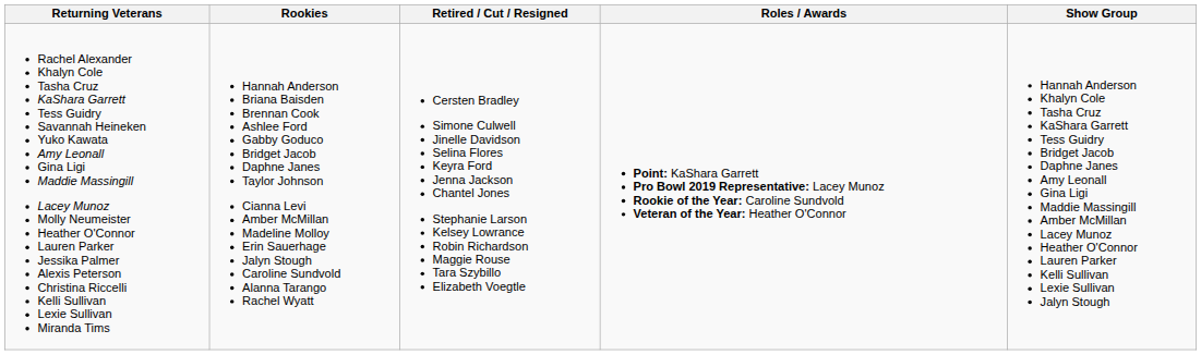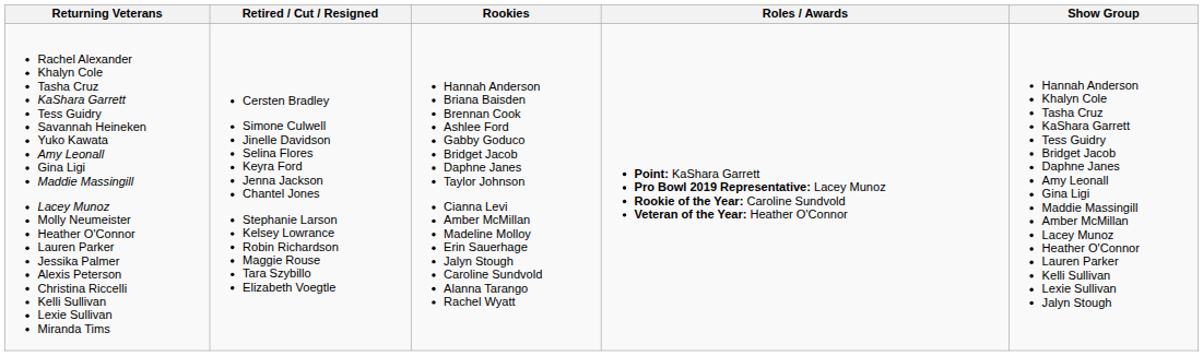 <table class="wikitable" style="width:100%;">
 <tr>
 <th>Returning Veterans</th>
+<th>Retired / Cut / Resigned</th>
 <th>Rookies</th>
-<th>Retired / Cut / Resigned</th>
 <th>Roles / Awards</th>
 <th>Show Group</th>
 </tr>
 <tr>
 <td><br><ul><li>Rachel Alexander</li><li>Khalyn Cole</li><li>Tasha Cruz</li><li><em>KaShara Garrett</em></li><li>Tess Guidry</li><li>Savannah Heineken</li><li>Yuko Kawata</li><li><em>Amy Leonall</em></li><li>Gina Ligi</li><li><em>Maddie Massingill</em></li></ul><ul><li><em>Lacey Munoz</em></li><li>Molly Neumeister</li><li>Heather O'Connor</li><li>Lauren Parker</li><li>Jessika Palmer</li><li>Alexis Peterson</li><li>Christina Riccelli</li><li>Kelli Sullivan</li><li>Lexie Sullivan</li><li>Miranda Tims</li></ul></td>
+<td><br><ul><li>Cersten Bradley </li></ul><ul><li>Simone Culwell </li><li>Jinelle Davidson </li><li>Selina Flores </li><li>Keyra Ford </li><li>Jenna Jackson </li><li>Chantel Jones </li></ul><ul><li>Stephanie Larson </li><li>Kelsey Lowrance </li><li>Robin Richardson </li><li>Maggie Rouse </li><li>Tara Szybillo </li><li>Elizabeth Voegtle </li></ul></td>
 <td><br><ul><li>Hannah Anderson</li><li>Briana Baisden</li><li>Brennan Cook</li><li>Ashlee Ford</li><li>Gabby Goduco</li><li>Bridget Jacob</li><li>Daphne Janes</li><li>Taylor Johnson</li></ul><ul><li>Cianna Levi</li><li>Amber McMillan</li><li>Madeline Molloy</li><li>Erin Sauerhage</li><li>Jalyn Stough</li><li>Caroline Sundvold</li><li>Alanna Tarango</li><li>Rachel Wyatt</li></ul></td>
-<td><br><ul><li>Cersten Bradley </li></ul><ul><li>Simone Culwell </li><li>Jinelle Davidson </li><li>Selina Flores </li><li>Keyra Ford </li><li>Jenna Jackson </li><li>Chantel Jones </li></ul><ul><li>Stephanie Larson </li><li>Kelsey Lowrance </li><li>Robin Richardson </li><li>Maggie Rouse </li><li>Tara Szybillo </li><li>Elizabeth Voegtle </li></ul></td>
 <td><br><ul><li><strong>Point:</strong> KaShara Garrett</li><li><strong>Pro Bowl 2019 Representative:</strong> Lacey Munoz</li><li><strong>Rookie of the Year:</strong> Caroline Sundvold</li><li><strong>Veteran of the Year:</strong> Heather O'Connor</li></ul></td>
 <td><br><ul><li>Hannah Anderson</li><li>Khalyn Cole</li><li>Tasha Cruz</li><li>KaShara Garrett</li><li>Tess Guidry</li><li>Bridget Jacob</li><li>Daphne Janes</li><li>Amy Leonall</li><li>Gina Ligi</li><li>Maddie Massingill</li><li>Amber McMillan</li><li>Lacey Munoz</li><li>Heather O'Connor</li><li>Lauren Parker</li><li>Kelli Sullivan</li><li>Lexie Sullivan</li><li>Jalyn Stough</li></ul></td>
 </tr>
 </table>
